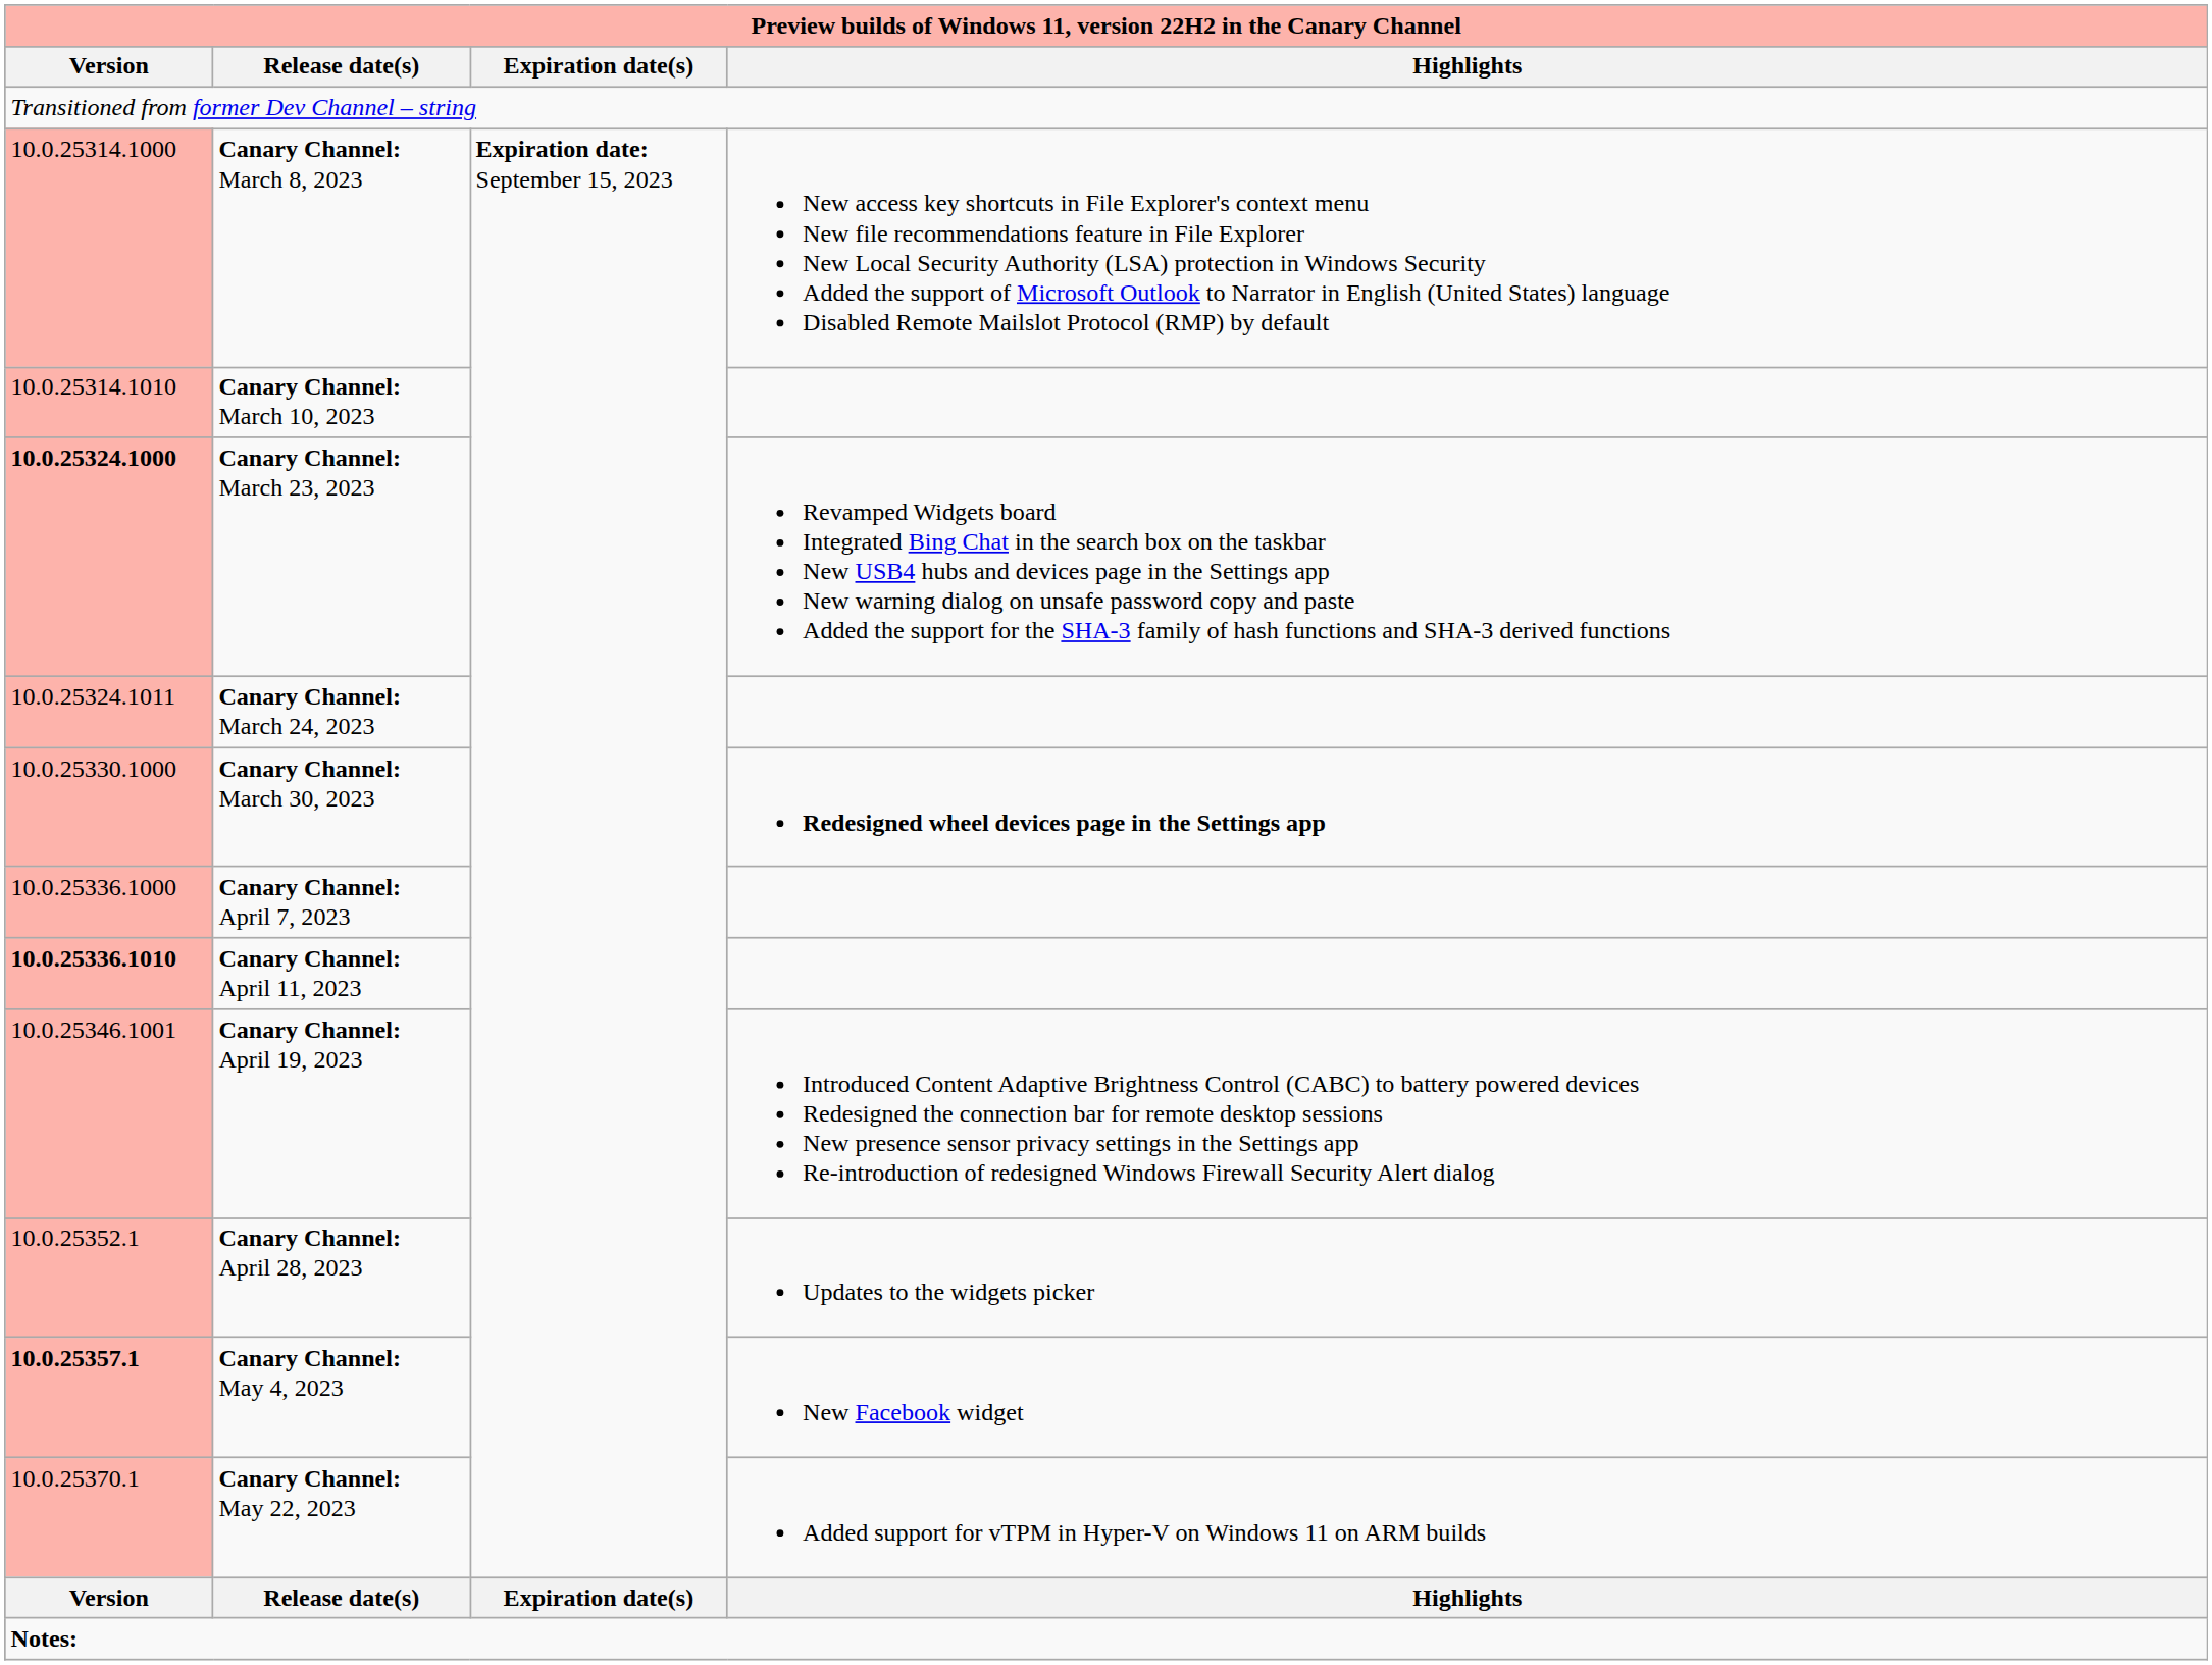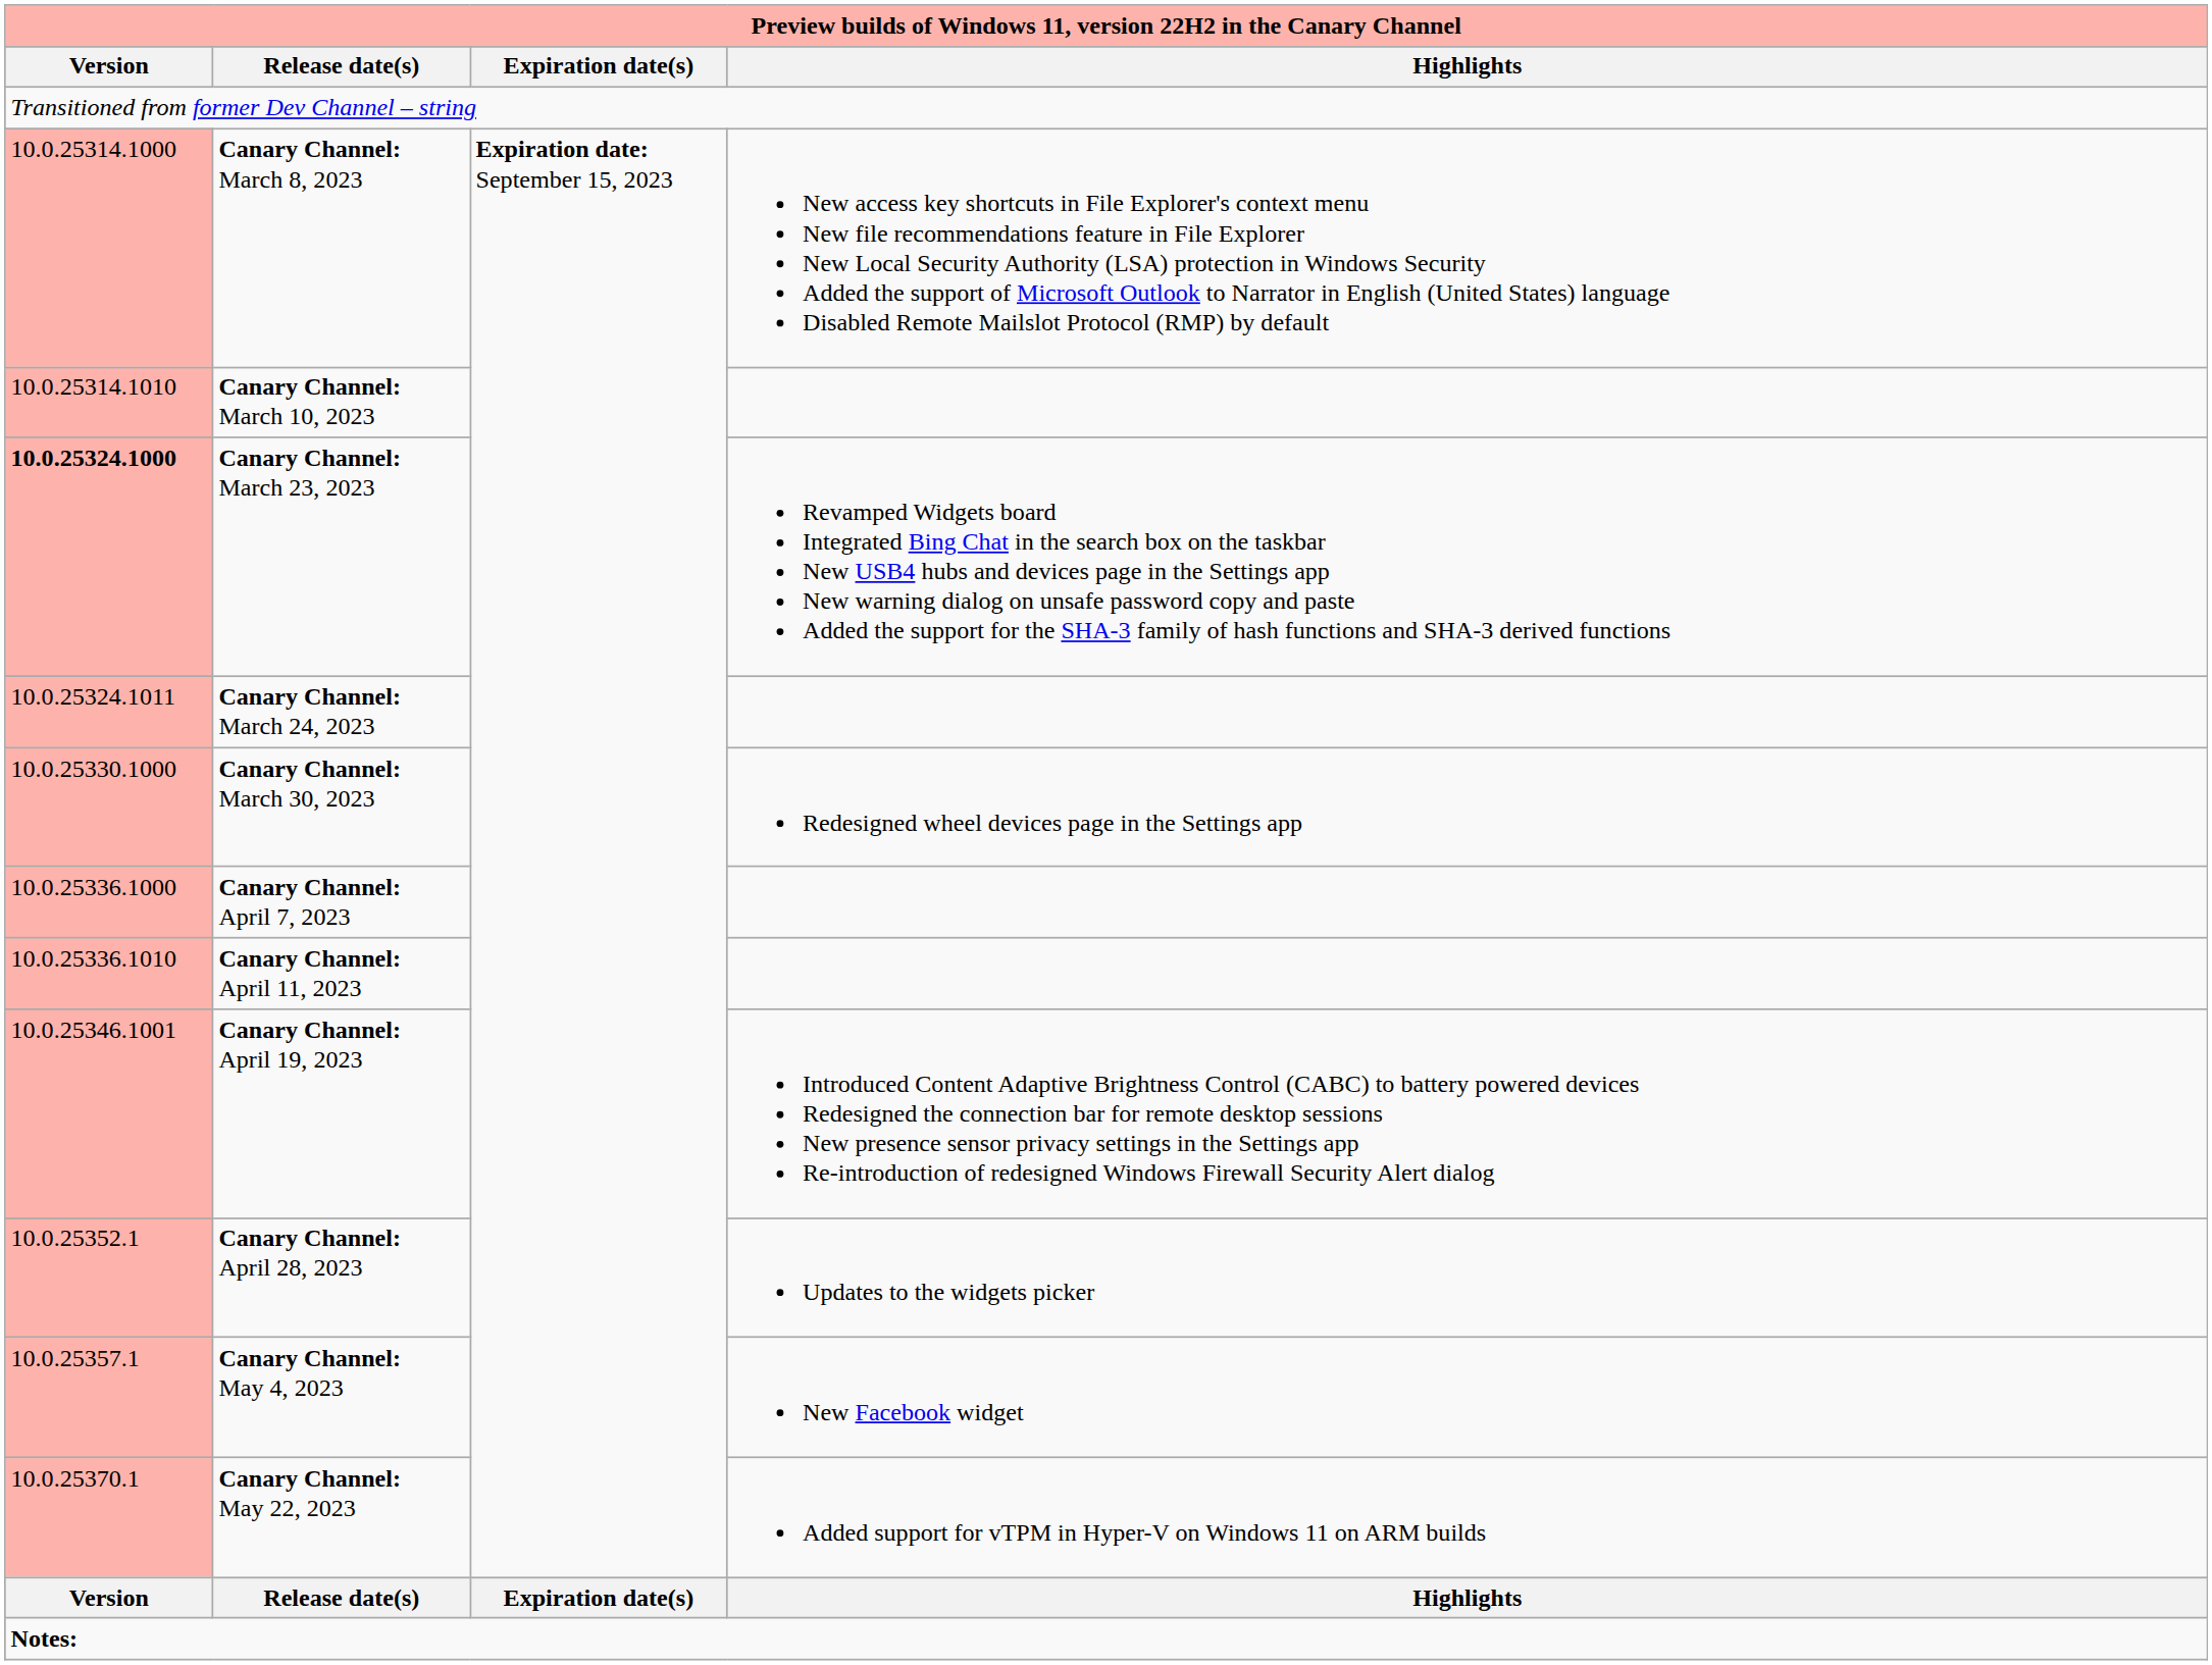 <table class="wikitable mw-collapsible mw-collapsed" style=width:100%;font-size:88%>
 <tr>
 <th colspan=4 style=background:#fdb3ab>Preview builds of Windows 11, version 22H2 in the Canary Channel</th>
 </tr>
 <tr>
 <th scope=col style=width:8em>Version</th>
 <th scope=col style=width:10em>Release date(s)</th>
 <th scope=col style=width:10em>Expiration date(s)</th>
 <th scope=col>Highlights</th>
 </tr>
 <tr>
 <td colspan=4><em>Transitioned from <a href='#'>former Dev Channel –  string</a></em></td>
 </tr>
 <tr valign=top>
 <td style=background:#fdb3ab>10.0.25314.1000<br></td>
 <td><strong>Canary Channel:</strong><br>March 8, 2023</td>
 <td rowspan=11><strong>Expiration date:</strong><br>September 15, 2023</td>
 <td><br><ul><li>New access key shortcuts in File Explorer's context menu</li><li>New file recommendations feature in File Explorer</li><li>New Local Security Authority (LSA) protection in Windows Security</li><li>Added the support of <a href='#'>Microsoft Outlook</a> to Narrator in English (United States) language</li><li>Disabled Remote Mailslot Protocol (RMP) by default</li></ul></td>
 </tr>
 <tr valign=top>
 <td style=background:#fdb3ab>10.0.25314.1010<br></td>
 <td><strong>Canary Channel:</strong><br>March 10, 2023</td>
 <td></td>
 </tr>
 <tr valign=top>
 <td style=background:#fdb3ab><strong>10.0.25324.1000<br></strong></td>
 <td><strong>Canary Channel:</strong><br>March 23, 2023</td>
 <td><br><ul><li>Revamped Widgets board</li><li>Integrated <a href='#'>Bing Chat</a> in the search box on the taskbar</li><li>New <a href='#'>USB4</a> hubs and devices page in the Settings app</li><li>New warning dialog on unsafe password copy and paste</li><li>Added the support for the <a href='#'>SHA-3</a> family of hash functions and SHA-3 derived functions</li></ul></td>
 </tr>
 <tr valign=top>
 <td style=background:#fdb3ab>10.0.25324.1011<br></td>
 <td><strong>Canary Channel:</strong><br>March 24, 2023</td>
 <td></td>
 </tr>
 <tr valign=top>
 <td style=background:#fdb3ab>10.0.25330.1000<br></td>
 <td><strong>Canary Channel:</strong><br>March 30, 2023</td>
-<td><strong><br><ul><li>Redesigned wheel devices page in the Settings app</li></ul></strong></td>
+<td><br><ul><li>Redesigned wheel devices page in the Settings app</li></ul></td>
 </tr>
 <tr valign=top>
 <td style=background:#fdb3ab>10.0.25336.1000<br></td>
 <td><strong>Canary Channel:</strong><br>April 7, 2023</td>
 <td></td>
 </tr>
 <tr valign=top>
-<td style=background:#fdb3ab><strong>10.0.25336.1010<br></strong></td>
+<td style=background:#fdb3ab>10.0.25336.1010<br></td>
 <td><strong>Canary Channel:</strong><br>April 11, 2023</td>
 <td></td>
 </tr>
 <tr valign=top>
 <td style=background:#fdb3ab>10.0.25346.1001<br></td>
 <td><strong>Canary Channel:</strong><br>April 19, 2023</td>
 <td><br><ul><li>Introduced Content Adaptive Brightness Control (CABC) to battery powered devices</li><li>Redesigned the connection bar for remote desktop sessions</li><li>New presence sensor privacy settings in the Settings app</li><li>Re-introduction of redesigned Windows Firewall Security Alert dialog</li></ul></td>
 </tr>
 <tr valign=top>
 <td style=background:#fdb3ab>10.0.25352.1<br></td>
 <td><strong>Canary Channel:</strong><br>April 28, 2023</td>
 <td><br><ul><li>Updates to the widgets picker</li></ul></td>
 </tr>
 <tr valign=top>
-<td style=background:#fdb3ab><strong>10.0.25357.1<br></strong></td>
+<td style=background:#fdb3ab>10.0.25357.1<br></td>
 <td><strong>Canary Channel:</strong><br>May 4, 2023</td>
 <td><br><ul><li>New <a href='#'>Facebook</a> widget</li></ul></td>
 </tr>
 <tr valign=top>
 <td style=background:#fdb3ab>10.0.25370.1<br></td>
 <td><strong>Canary Channel:</strong><br>May 22, 2023</td>
 <td><br><ul><li>Added support for vTPM in Hyper-V on Windows 11 on ARM builds</li></ul></td>
 </tr>
 <tr>
 <th>Version</th>
 <th>Release date(s)</th>
 <th>Expiration date(s)</th>
 <th>Highlights</th>
 </tr>
 <tr>
 <td class="wikitable mw-collapsible" colspan=4 style=text-align:left><strong>Notes:</strong></td>
 </tr>
 </table>
